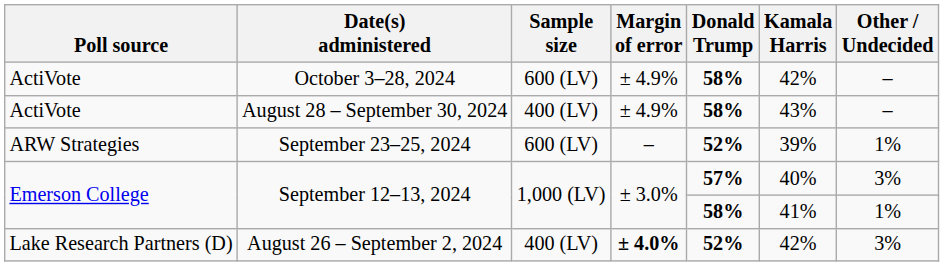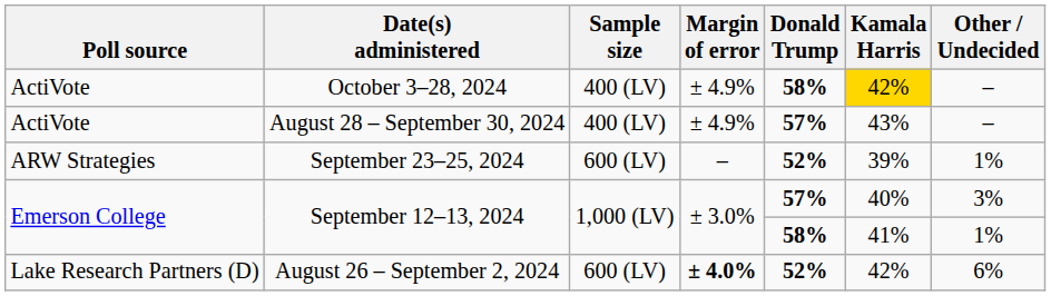 <table class="wikitable sortable mw-datatable" style="font-size:90%;text-align:center;line-height:17px">
 <tr valign=bottom>
 <th>Poll source</th>
 <th>Date(s)<br>administered</th>
 <th>Sample<br>size</th>
 <th>Margin<br>of error</th>
 <th class="unsortable">Donald<br>Trump<br></th>
 <th class="unsortable">Kamala<br>Harris<br></th>
 <th class="unsortable">Other /<br>Undecided</th>
 </tr>
 <tr>
 <td style="text-align:left">ActiVote</td>
 <td data-sort-value="2024-10-28">October 3–28, 2024</td>
-<td>600 (LV)</td>
+<td>400 (LV)</td>
 <td>± 4.9%</td>
 <td style="background-color:"><strong>58%</strong></td>
-<td>42%</td>
+<td style="background: gold;">42%</td>
 <td>–</td>
 </tr>
 <tr>
 <td style="text-align:left;">ActiVote</td>
 <td data-sort-value="2024-09-30">August 28 – September 30, 2024</td>
 <td>400 (LV)</td>
 <td>± 4.9%</td>
-<td style="background-color:"><strong>58%</strong></td>
+<td style="background-color:"><strong>57%</strong></td>
 <td>43%</td>
 <td>–</td>
 </tr>
 <tr>
 <td style="text-align:left;">ARW Strategies</td>
 <td data-sort-value="2024-09-25">September 23–25, 2024</td>
 <td>600 (LV)</td>
 <td>–</td>
 <td style="background-color:"><strong>52%</strong></td>
 <td>39%</td>
 <td>1%</td>
 </tr>
 <tr>
 <td style="text-align:left;" rowspan="2"><a href='#'>Emerson College</a></td>
 <td rowspan="2">September 12–13, 2024</td>
 <td rowspan="2">1,000 (LV)</td>
 <td rowspan="2">± 3.0%</td>
 <td style="background-color:"><strong>57%</strong></td>
 <td>40%</td>
 <td>3%</td>
 </tr>
 <tr>
 <td style="background-color:"><strong>58%</strong></td>
 <td>41%</td>
 <td>1%</td>
 </tr>
 <tr>
 <td style="text-align:left;">Lake Research Partners (D)</td>
 <td data-sort-value="2024-09-02">August 26 – September 2, 2024</td>
-<td>400 (LV)</td>
+<td>600 (LV)</td>
 <td><strong>± 4.0%</strong></td>
 <td style="background-color:"><strong>52%</strong></td>
 <td>42%</td>
-<td>3%</td>
+<td>6%</td>
 </tr>
 </table>
